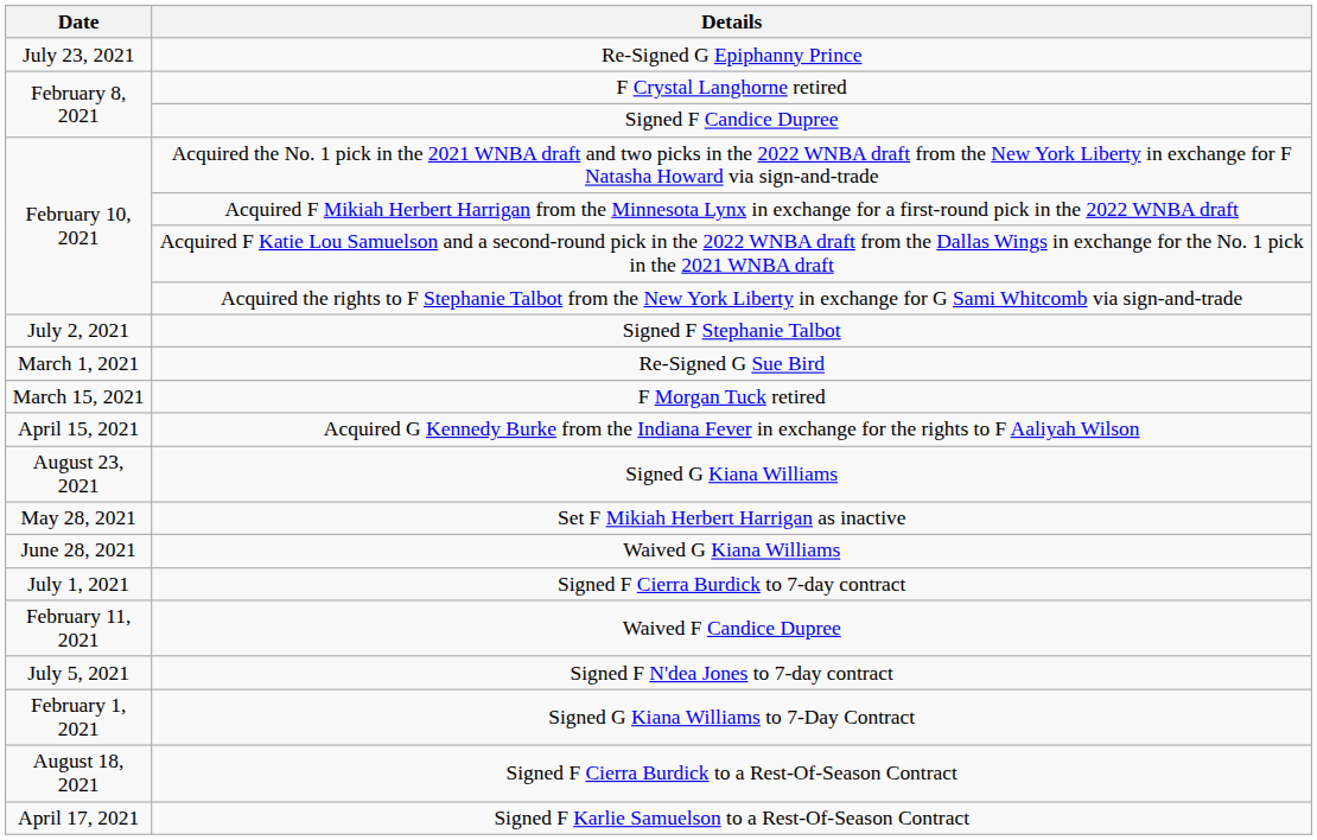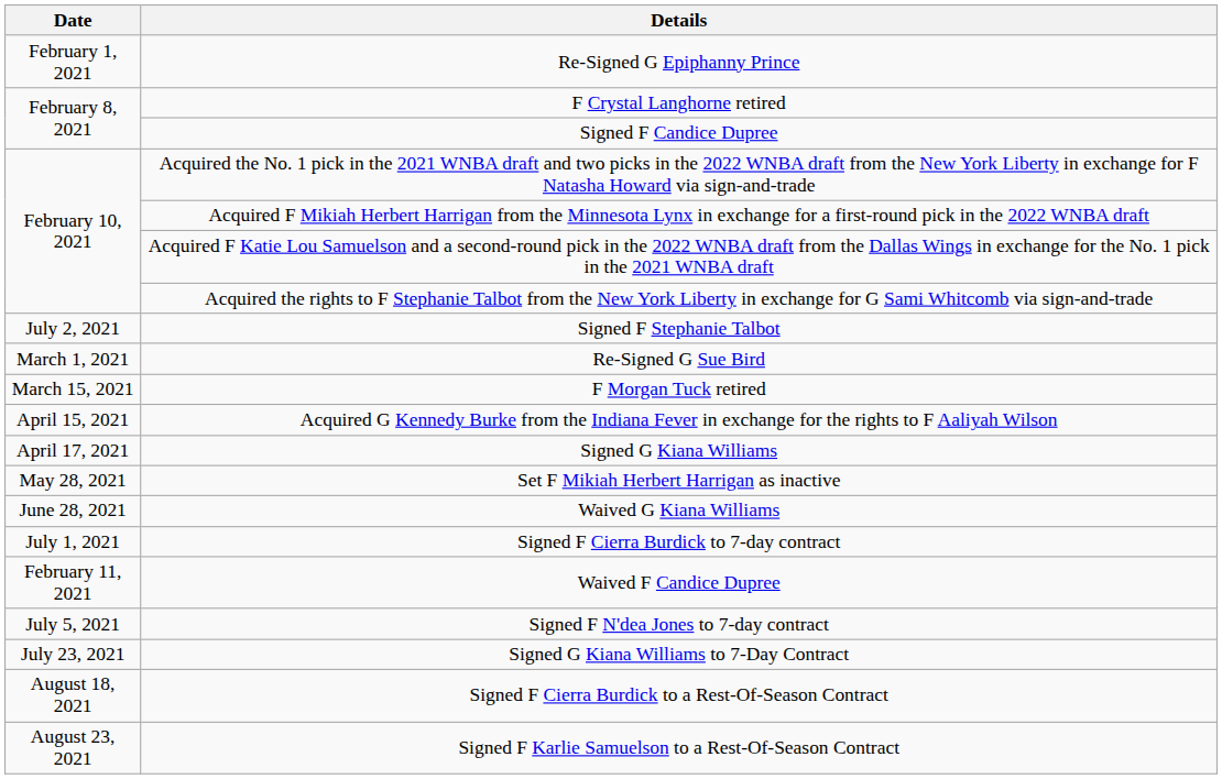 <table class="wikitable" style="width:80%; text-align: center;">
 <tr>
 <th>Date</th>
 <th>Details</th>
 </tr>
 <tr>
-<td>July 23, 2021</td>
+<td>February 1, 2021</td>
 <td>Re-Signed G <a href='#'>Epiphanny Prince</a></td>
 </tr>
 <tr>
 <td rowspan=2>February 8, 2021</td>
 <td>F <a href='#'>Crystal Langhorne</a> retired</td>
 </tr>
 <tr>
 <td>Signed F <a href='#'>Candice Dupree</a></td>
 </tr>
 <tr>
 <td rowspan=4>February 10, 2021</td>
 <td>Acquired the No. 1 pick in the <a href='#'>2021 WNBA draft</a> and two picks in the <a href='#'>2022 WNBA draft</a> from the <a href='#'>New York Liberty</a> in exchange for F <a href='#'>Natasha Howard</a> via sign-and-trade</td>
 </tr>
 <tr>
 <td>Acquired F <a href='#'>Mikiah Herbert Harrigan</a> from the <a href='#'>Minnesota Lynx</a> in exchange for a first-round pick in the <a href='#'>2022 WNBA draft</a></td>
 </tr>
 <tr>
 <td>Acquired F <a href='#'>Katie Lou Samuelson</a> and a second-round pick in the <a href='#'>2022 WNBA draft</a> from the <a href='#'>Dallas Wings</a> in exchange for the No. 1 pick in the <a href='#'>2021 WNBA draft</a></td>
 </tr>
 <tr>
 <td>Acquired the rights to F <a href='#'>Stephanie Talbot</a> from the <a href='#'>New York Liberty</a> in exchange for G <a href='#'>Sami Whitcomb</a> via sign-and-trade</td>
 </tr>
 <tr>
 <td>July 2, 2021</td>
 <td>Signed F <a href='#'>Stephanie Talbot</a></td>
 </tr>
 <tr>
 <td>March 1, 2021</td>
 <td>Re-Signed G <a href='#'>Sue Bird</a></td>
 </tr>
 <tr>
 <td>March 15, 2021</td>
 <td>F <a href='#'>Morgan Tuck</a> retired</td>
 </tr>
 <tr>
 <td>April 15, 2021</td>
 <td>Acquired G <a href='#'>Kennedy Burke</a> from the <a href='#'>Indiana Fever</a> in exchange for the rights to F <a href='#'>Aaliyah Wilson</a></td>
 </tr>
 <tr>
-<td>August 23, 2021</td>
+<td>April 17, 2021</td>
 <td>Signed G <a href='#'>Kiana Williams</a></td>
 </tr>
 <tr>
 <td>May 28, 2021</td>
 <td>Set F <a href='#'>Mikiah Herbert Harrigan</a> as inactive</td>
 </tr>
 <tr>
 <td>June 28, 2021</td>
 <td>Waived G <a href='#'>Kiana Williams</a></td>
 </tr>
 <tr>
 <td>July 1, 2021</td>
 <td>Signed F <a href='#'>Cierra Burdick</a> to 7-day contract</td>
 </tr>
 <tr>
 <td>February 11, 2021</td>
 <td>Waived F <a href='#'>Candice Dupree</a></td>
 </tr>
 <tr>
 <td>July 5, 2021</td>
 <td>Signed F <a href='#'>N'dea Jones</a> to 7-day contract</td>
 </tr>
 <tr>
-<td>February 1, 2021</td>
+<td>July 23, 2021</td>
 <td>Signed G <a href='#'>Kiana Williams</a> to 7-Day Contract</td>
 </tr>
 <tr>
 <td>August 18, 2021</td>
 <td>Signed F <a href='#'>Cierra Burdick</a> to a Rest-Of-Season Contract</td>
 </tr>
 <tr>
-<td>April 17, 2021</td>
+<td>August 23, 2021</td>
 <td>Signed F <a href='#'>Karlie Samuelson</a> to a Rest-Of-Season Contract</td>
 </tr>
 </table>
